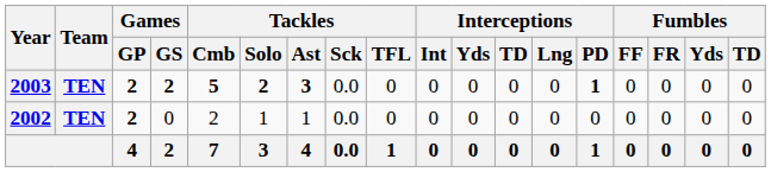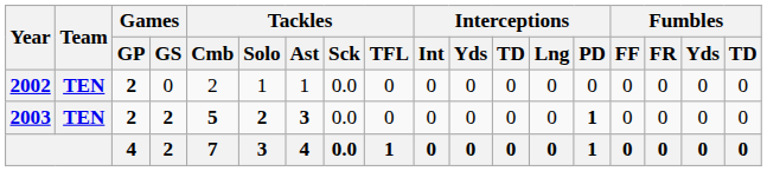 <table class="wikitable" style="text-align:center">
 <tr>
 <th rowspan="2">Year</th>
 <th rowspan="2">Team</th>
 <th colspan="2">Games</th>
 <th colspan="5">Tackles</th>
 <th colspan="5">Interceptions</th>
 <th colspan="4">Fumbles</th>
 </tr>
 <tr>
 <th>GP</th>
 <th>GS</th>
 <th>Cmb</th>
 <th>Solo</th>
 <th>Ast</th>
 <th>Sck</th>
 <th>TFL</th>
 <th>Int</th>
 <th>Yds</th>
 <th>TD</th>
 <th>Lng</th>
 <th>PD</th>
 <th>FF</th>
 <th>FR</th>
 <th>Yds</th>
 <th>TD</th>
 </tr>
 <tr>
+<th><a href='#'>2002</a></th>
+<th><a href='#'>TEN</a></th>
+<td><strong>2</strong></td>
+<td>0</td>
+<td>2</td>
+<td>1</td>
+<td>1</td>
+<td>0.0</td>
+<td>0</td>
+<td>0</td>
+<td>0</td>
+<td>0</td>
+<td>0</td>
+<td>0</td>
+<td>0</td>
+<td>0</td>
+<td>0</td>
+<td>0</td>
+</tr>
+<tr>
 <th><a href='#'>2003</a></th>
 <th><a href='#'>TEN</a></th>
 <td><strong>2</strong></td>
 <td><strong>2</strong></td>
 <td><strong>5</strong></td>
 <td><strong>2</strong></td>
 <td><strong>3</strong></td>
 <td>0.0</td>
 <td>0</td>
 <td>0</td>
 <td>0</td>
 <td>0</td>
 <td>0</td>
 <td><strong>1</strong></td>
-<td>0</td>
-<td>0</td>
-<td>0</td>
-<td>0</td>
-</tr>
-<tr>
-<th><a href='#'>2002</a></th>
-<th><a href='#'>TEN</a></th>
-<td><strong>2</strong></td>
-<td>0</td>
-<td>2</td>
-<td>1</td>
-<td>1</td>
-<td>0.0</td>
-<td>0</td>
-<td>0</td>
-<td>0</td>
-<td>0</td>
-<td>0</td>
-<td>0</td>
 <td>0</td>
 <td>0</td>
 <td>0</td>
 <td>0</td>
 </tr>
 <tr>
 <th colspan="2"></th>
 <th>4</th>
 <th>2</th>
 <th>7</th>
 <th>3</th>
 <th>4</th>
 <th>0.0</th>
 <th>1</th>
 <th>0</th>
 <th>0</th>
 <th>0</th>
 <th>0</th>
 <th>1</th>
 <th>0</th>
 <th>0</th>
 <th>0</th>
 <th>0</th>
 </tr>
 </table>
